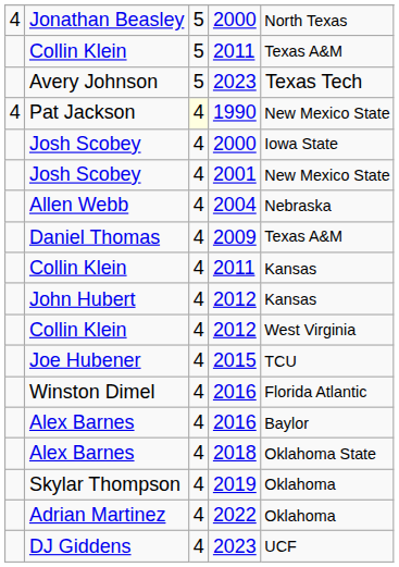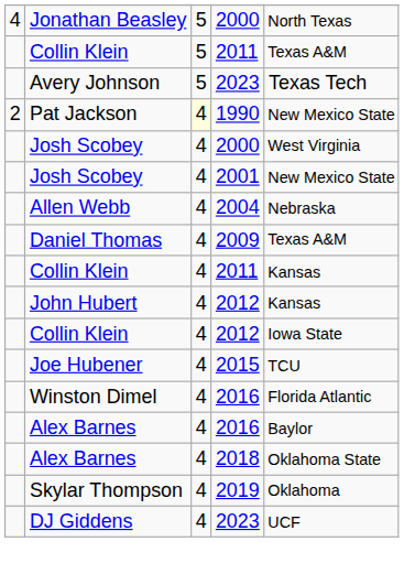 <table class="wikitable">
 <tr>
 </tr>
 <tr>
 <td>4</td>
 <td><a href='#'>Jonathan Beasley</a></td>
 <td>5</td>
 <td><a href='#'>2000</a></td>
 <td style="font-size:80%;">North Texas</td>
 </tr>
 <tr>
 <td></td>
 <td><a href='#'>Collin Klein</a></td>
 <td>5</td>
 <td><a href='#'>2011</a></td>
 <td style="font-size:80%;">Texas A&M</td>
 </tr>
 <tr>
 <td></td>
 <td>Avery Johnson</td>
 <td>5</td>
 <td><a href='#'>2023</a></td>
 <td style=“font-size:80%;”>Texas Tech</td>
 </tr>
 <tr>
-<td>4</td>
+<td>2</td>
 <td>Pat Jackson</td>
 <td style="background: lightyellow;">4</td>
 <td><a href='#'>1990</a></td>
 <td style="font-size:80%;">New Mexico State</td>
 </tr>
 <tr>
 <td></td>
 <td><a href='#'>Josh Scobey</a></td>
 <td>4</td>
 <td><a href='#'>2000</a></td>
-<td style="font-size:80%;">Iowa State</td>
+<td style="font-size:80%;">West Virginia</td>
 </tr>
 <tr>
 <td></td>
 <td><a href='#'>Josh Scobey</a></td>
 <td>4</td>
 <td><a href='#'>2001</a></td>
 <td style="font-size:80%;">New Mexico State</td>
 </tr>
 <tr>
 <td></td>
 <td><a href='#'>Allen Webb</a></td>
 <td>4</td>
 <td><a href='#'>2004</a></td>
 <td style="font-size:80%;">Nebraska</td>
 </tr>
 <tr>
 <td></td>
 <td><a href='#'>Daniel Thomas</a></td>
 <td>4</td>
 <td><a href='#'>2009</a></td>
 <td style="font-size:80%;">Texas A&M</td>
 </tr>
 <tr>
 <td></td>
 <td><a href='#'>Collin Klein</a></td>
 <td>4</td>
 <td><a href='#'>2011</a></td>
 <td style="font-size:80%;">Kansas</td>
 </tr>
 <tr>
 <td></td>
 <td><a href='#'>John Hubert</a></td>
 <td>4</td>
 <td><a href='#'>2012</a></td>
 <td style="font-size:80%;">Kansas</td>
 </tr>
 <tr>
 <td></td>
 <td><a href='#'>Collin Klein</a></td>
 <td>4</td>
 <td><a href='#'>2012</a></td>
-<td style="font-size:80%;">West Virginia</td>
+<td style="font-size:80%;">Iowa State</td>
 </tr>
 <tr>
 <td></td>
 <td><a href='#'>Joe Hubener</a></td>
 <td>4</td>
 <td><a href='#'>2015</a></td>
 <td style="font-size:80%;">TCU</td>
 </tr>
 <tr>
 <td></td>
 <td>Winston Dimel</td>
 <td>4</td>
 <td><a href='#'>2016</a></td>
 <td style="font-size:80%;">Florida Atlantic</td>
 </tr>
 <tr>
 <td></td>
 <td><a href='#'>Alex Barnes</a></td>
 <td>4</td>
 <td><a href='#'>2016</a></td>
 <td style="font-size:80%;">Baylor</td>
 </tr>
 <tr>
 <td></td>
 <td><a href='#'>Alex Barnes</a></td>
 <td>4</td>
 <td><a href='#'>2018</a></td>
 <td style="font-size:80%;">Oklahoma State</td>
 </tr>
 <tr>
 <td></td>
 <td>Skylar Thompson</td>
 <td>4</td>
 <td><a href='#'>2019</a></td>
 <td style="font-size:80%;">Oklahoma</td>
 </tr>
 <tr>
 <td></td>
-<td><a href='#'>Adrian Martinez</a></td>
-<td>4</td>
-<td><a href='#'>2022</a></td>
-<td style="font-size:80%;">Oklahoma</td>
-</tr>
-<tr>
-<td></td>
 <td><a href='#'>DJ Giddens</a></td>
 <td>4</td>
 <td><a href='#'>2023</a></td>
 <td style="font-size:80%;">UCF</td>
 </tr>
 </table>
